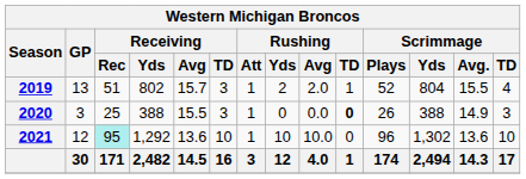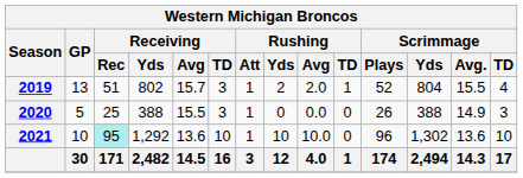 <table class="wikitable" style="text-align:center;">
 <tr>
 <th colspan="14">Western Michigan Broncos</th>
 </tr>
 <tr>
 <th rowspan="2">Season</th>
 <th rowspan="2">GP</th>
 <th colspan="4">Receiving</th>
 <th colspan="4">Rushing</th>
 <th colspan="4">Scrimmage</th>
 </tr>
 <tr>
 <th>Rec</th>
 <th>Yds</th>
 <th>Avg</th>
 <th>TD</th>
 <th>Att</th>
 <th>Yds</th>
 <th>Avg</th>
 <th>TD</th>
 <th>Plays</th>
 <th>Yds</th>
 <th>Avg.</th>
 <th>TD</th>
 </tr>
 <tr>
 <th><a href='#'>2019</a></th>
 <td>13</td>
 <td>51</td>
 <td>802</td>
 <td>15.7</td>
 <td>3</td>
 <td>1</td>
 <td>2</td>
 <td>2.0</td>
 <td>1</td>
 <td>52</td>
 <td>804</td>
 <td>15.5</td>
 <td>4</td>
 </tr>
 <tr>
 <th><a href='#'>2020</a></th>
-<td>3</td>
+<td>5</td>
 <td>25</td>
 <td>388</td>
 <td>15.5</td>
 <td>3</td>
 <td>1</td>
 <td>0</td>
 <td>0.0</td>
-<td><strong>0</strong></td>
+<td>0</td>
 <td>26</td>
 <td>388</td>
 <td>14.9</td>
 <td>3</td>
 </tr>
 <tr>
 <th><a href='#'>2021</a></th>
-<td>12</td>
+<td>10</td>
 <td style="background: paleturquoise;">95</td>
 <td>1,292</td>
 <td>13.6</td>
 <td>10</td>
 <td>1</td>
 <td>10</td>
 <td>10.0</td>
 <td>0</td>
 <td>96</td>
 <td>1,302</td>
 <td>13.6</td>
 <td>10</td>
 </tr>
 <tr>
 <th></th>
 <th>30</th>
 <th>171</th>
 <th>2,482</th>
 <th>14.5</th>
 <th>16</th>
 <th>3</th>
 <th>12</th>
 <th>4.0</th>
 <th>1</th>
 <th>174</th>
 <th>2,494</th>
 <th>14.3</th>
 <th>17</th>
 </tr>
 <tr>
 </tr>
 </table>
